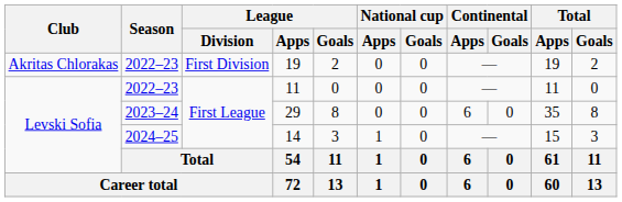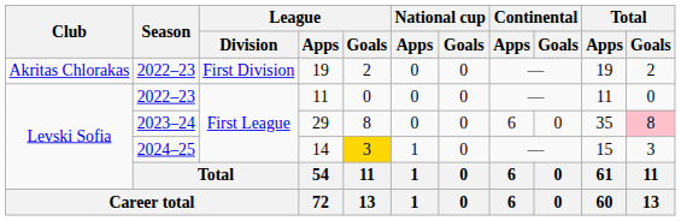 <table class="wikitable" style="text-align:center">
 <tr>
 <th rowspan=2>Club</th>
 <th rowspan=2>Season</th>
 <th colspan=3>League</th>
 <th colspan=2>National cup</th>
 <th colspan=2>Continental</th>
 <th colspan=2>Total</th>
 </tr>
 <tr>
 <th>Division</th>
 <th>Apps</th>
 <th>Goals</th>
 <th>Apps</th>
 <th>Goals</th>
 <th>Apps</th>
 <th>Goals</th>
 <th>Apps</th>
 <th>Goals</th>
 </tr>
 <tr>
 <td><a href='#'>Akritas Chlorakas</a></td>
 <td><a href='#'>2022–23</a></td>
 <td><a href='#'>First Division</a></td>
 <td>19</td>
 <td>2</td>
 <td>0</td>
 <td>0</td>
 <td colspan="2">—</td>
 <td>19</td>
 <td>2</td>
 </tr>
 <tr>
 <td rowspan=4><a href='#'>Levski Sofia</a></td>
 <td><a href='#'>2022–23</a></td>
 <td rowspan=3><a href='#'>First League</a></td>
 <td>11</td>
 <td>0</td>
 <td>0</td>
 <td>0</td>
 <td colspan="2">—</td>
 <td>11</td>
 <td>0</td>
 </tr>
 <tr>
 <td><a href='#'>2023–24</a></td>
 <td>29</td>
 <td>8</td>
 <td>0</td>
 <td>0</td>
 <td>6</td>
 <td>0</td>
 <td>35</td>
-<td>8</td>
+<td style="background: pink;">8</td>
 </tr>
 <tr>
 <td><a href='#'>2024–25</a></td>
 <td>14</td>
-<td>3</td>
+<td style="background: gold;">3</td>
 <td>1</td>
 <td>0</td>
 <td colspan="2">—</td>
 <td>15</td>
 <td>3</td>
 </tr>
 <tr>
 <th colspan="2">Total</th>
 <th>54</th>
 <th>11</th>
 <th>1</th>
 <th>0</th>
 <th>6</th>
 <th>0</th>
 <th>61</th>
 <th>11</th>
 </tr>
 <tr>
 <th colspan="3">Career total</th>
 <th>72</th>
 <th>13</th>
 <th>1</th>
 <th>0</th>
 <th>6</th>
 <th>0</th>
 <th>60</th>
 <th>13</th>
 </tr>
 </table>
